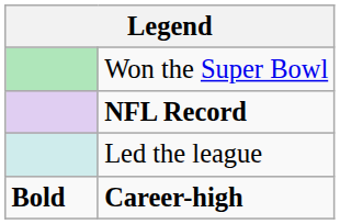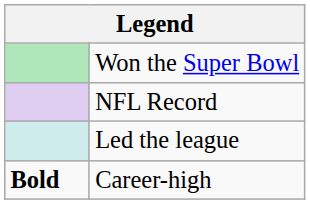 <table class="wikitable">
 <tr>
 <th colspan="2">Legend</th>
 </tr>
 <tr>
 <td style="background:#afe6ba; width:3em;"></td>
 <td>Won the <a href='#'>Super Bowl</a></td>
 </tr>
 <tr>
 <td style="background:#e0cef2; width:3em;"></td>
-<td><strong>NFL Record</strong></td>
+<td>NFL Record</td>
 </tr>
 <tr>
 <td style="background:#cfecec; width:3em;"></td>
 <td>Led the league</td>
 </tr>
 <tr>
 <td><strong>Bold</strong></td>
-<td><strong>Career-high</strong></td>
+<td>Career-high</td>
 </tr>
 </table>
